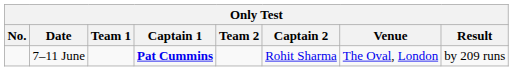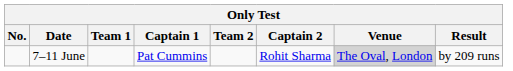 <table class="wikitable">
 <tr>
 <th colspan="9">Only Test</th>
 </tr>
 <tr>
 <th>No.</th>
 <th>Date</th>
 <th>Team 1</th>
 <th>Captain 1</th>
 <th>Team 2</th>
 <th>Captain 2</th>
 <th>Venue</th>
 <th>Result</th>
 </tr>
 <tr>
 <td></td>
 <td>7–11 June</td>
 <td></td>
-<td><strong><a href='#'>Pat Cummins</a></strong></td>
+<td><a href='#'>Pat Cummins</a></td>
 <td></td>
 <td><a href='#'>Rohit Sharma</a></td>
-<td><a href='#'>The Oval</a>, <a href='#'>London</a></td>
+<td style="background: lightgrey;"><a href='#'>The Oval</a>, <a href='#'>London</a></td>
 <td> by 209 runs</td>
 </tr>
 </table>
